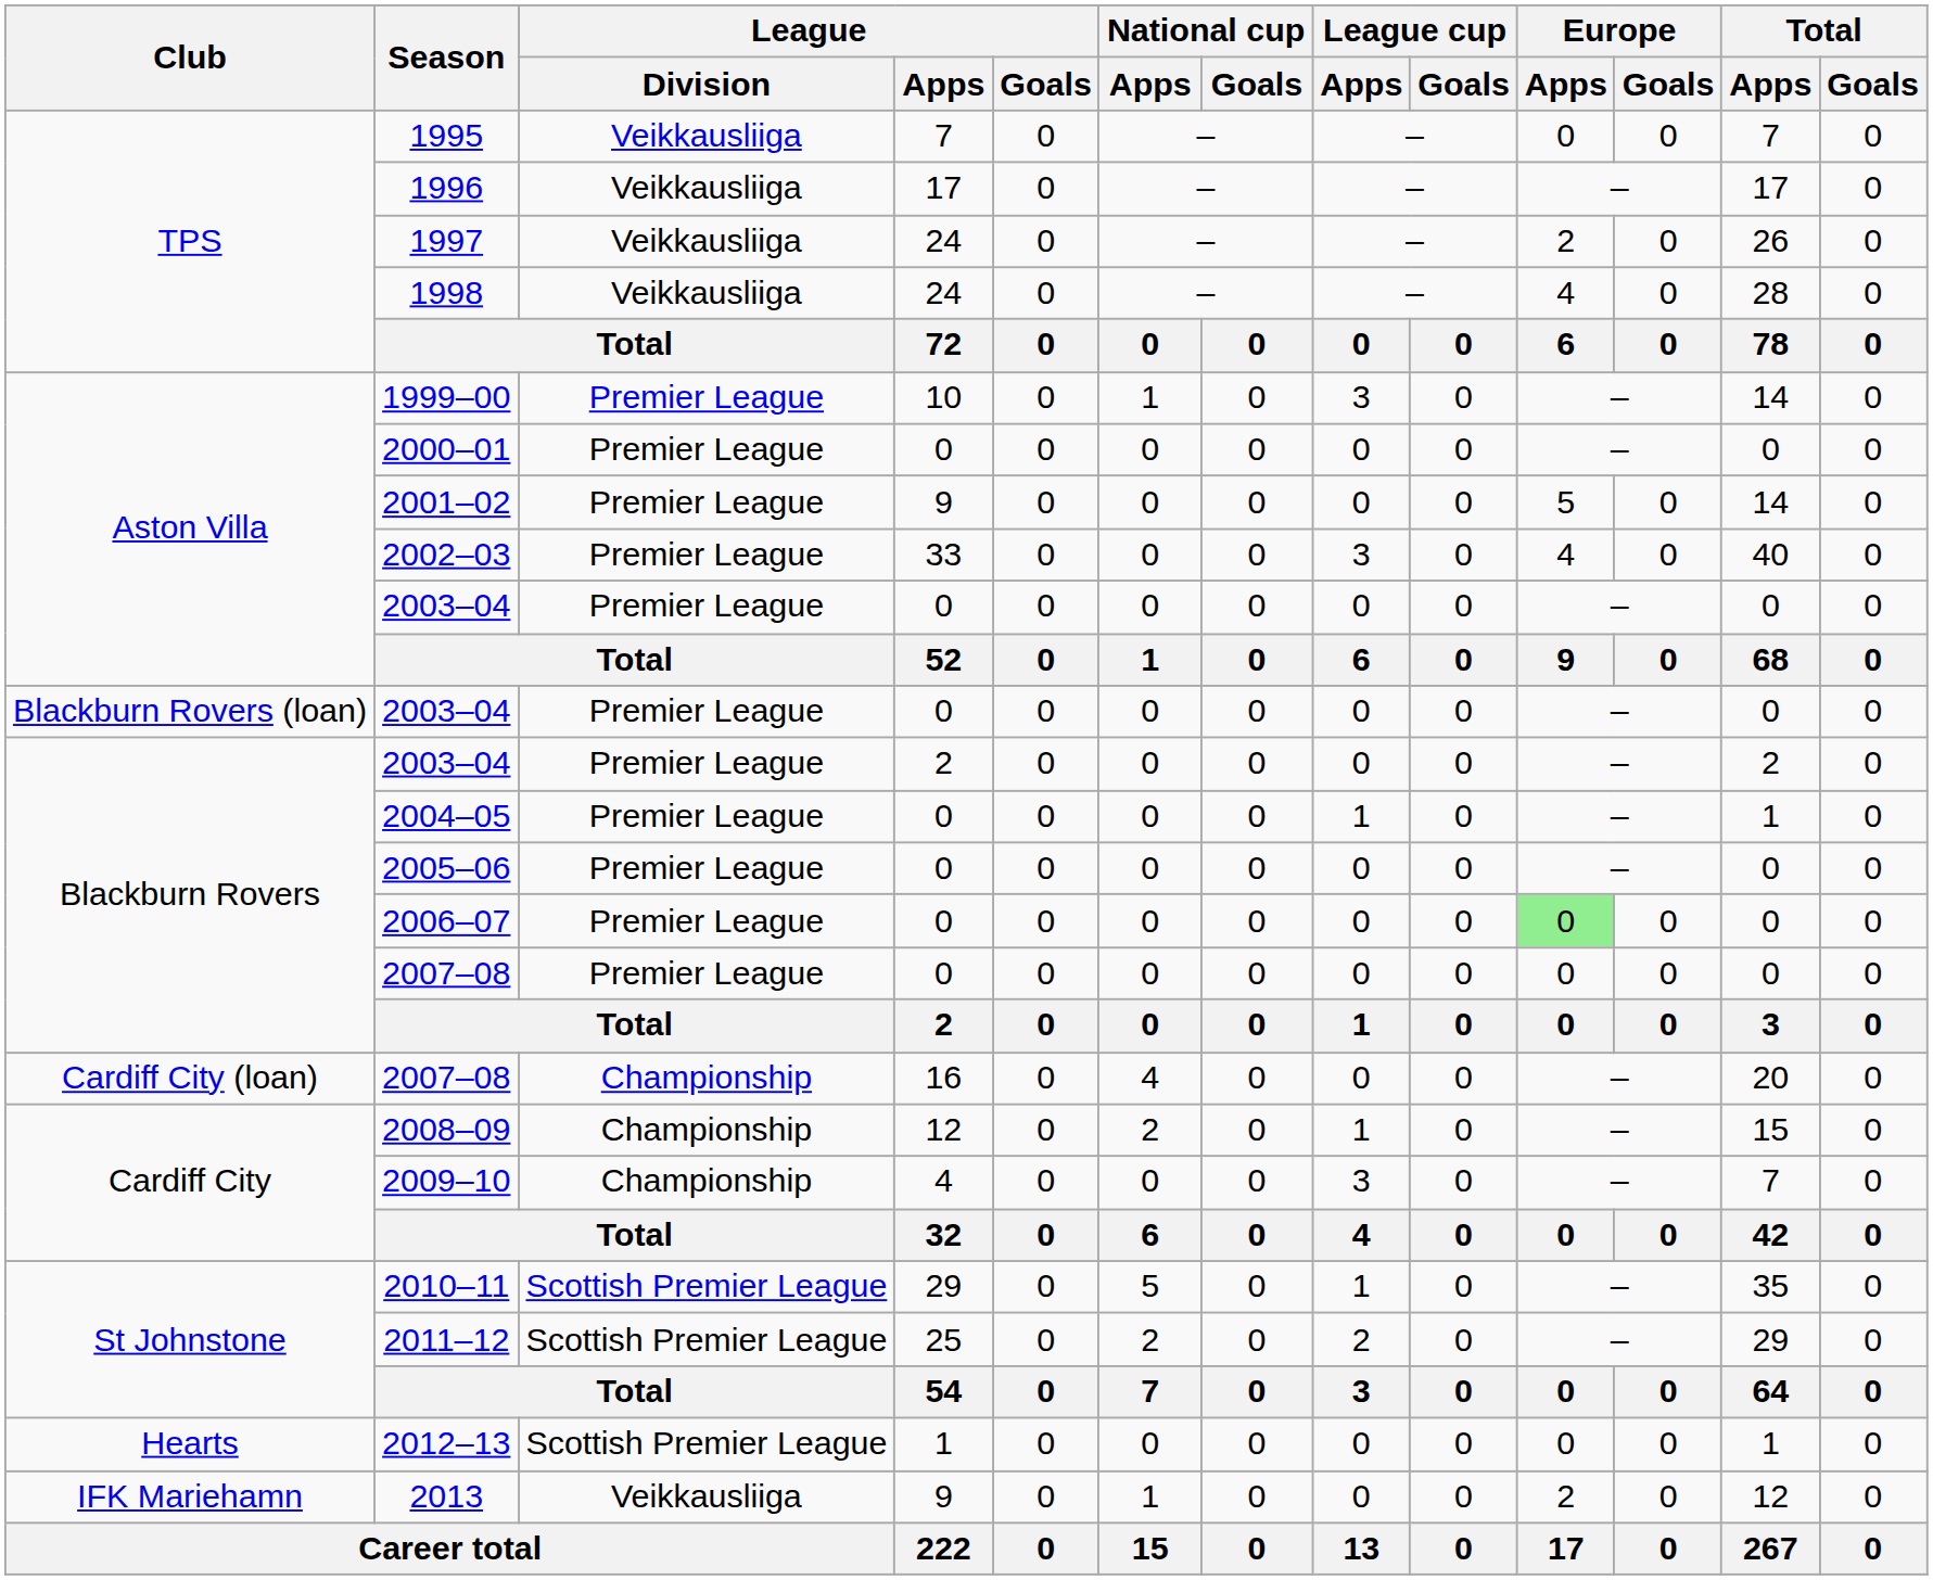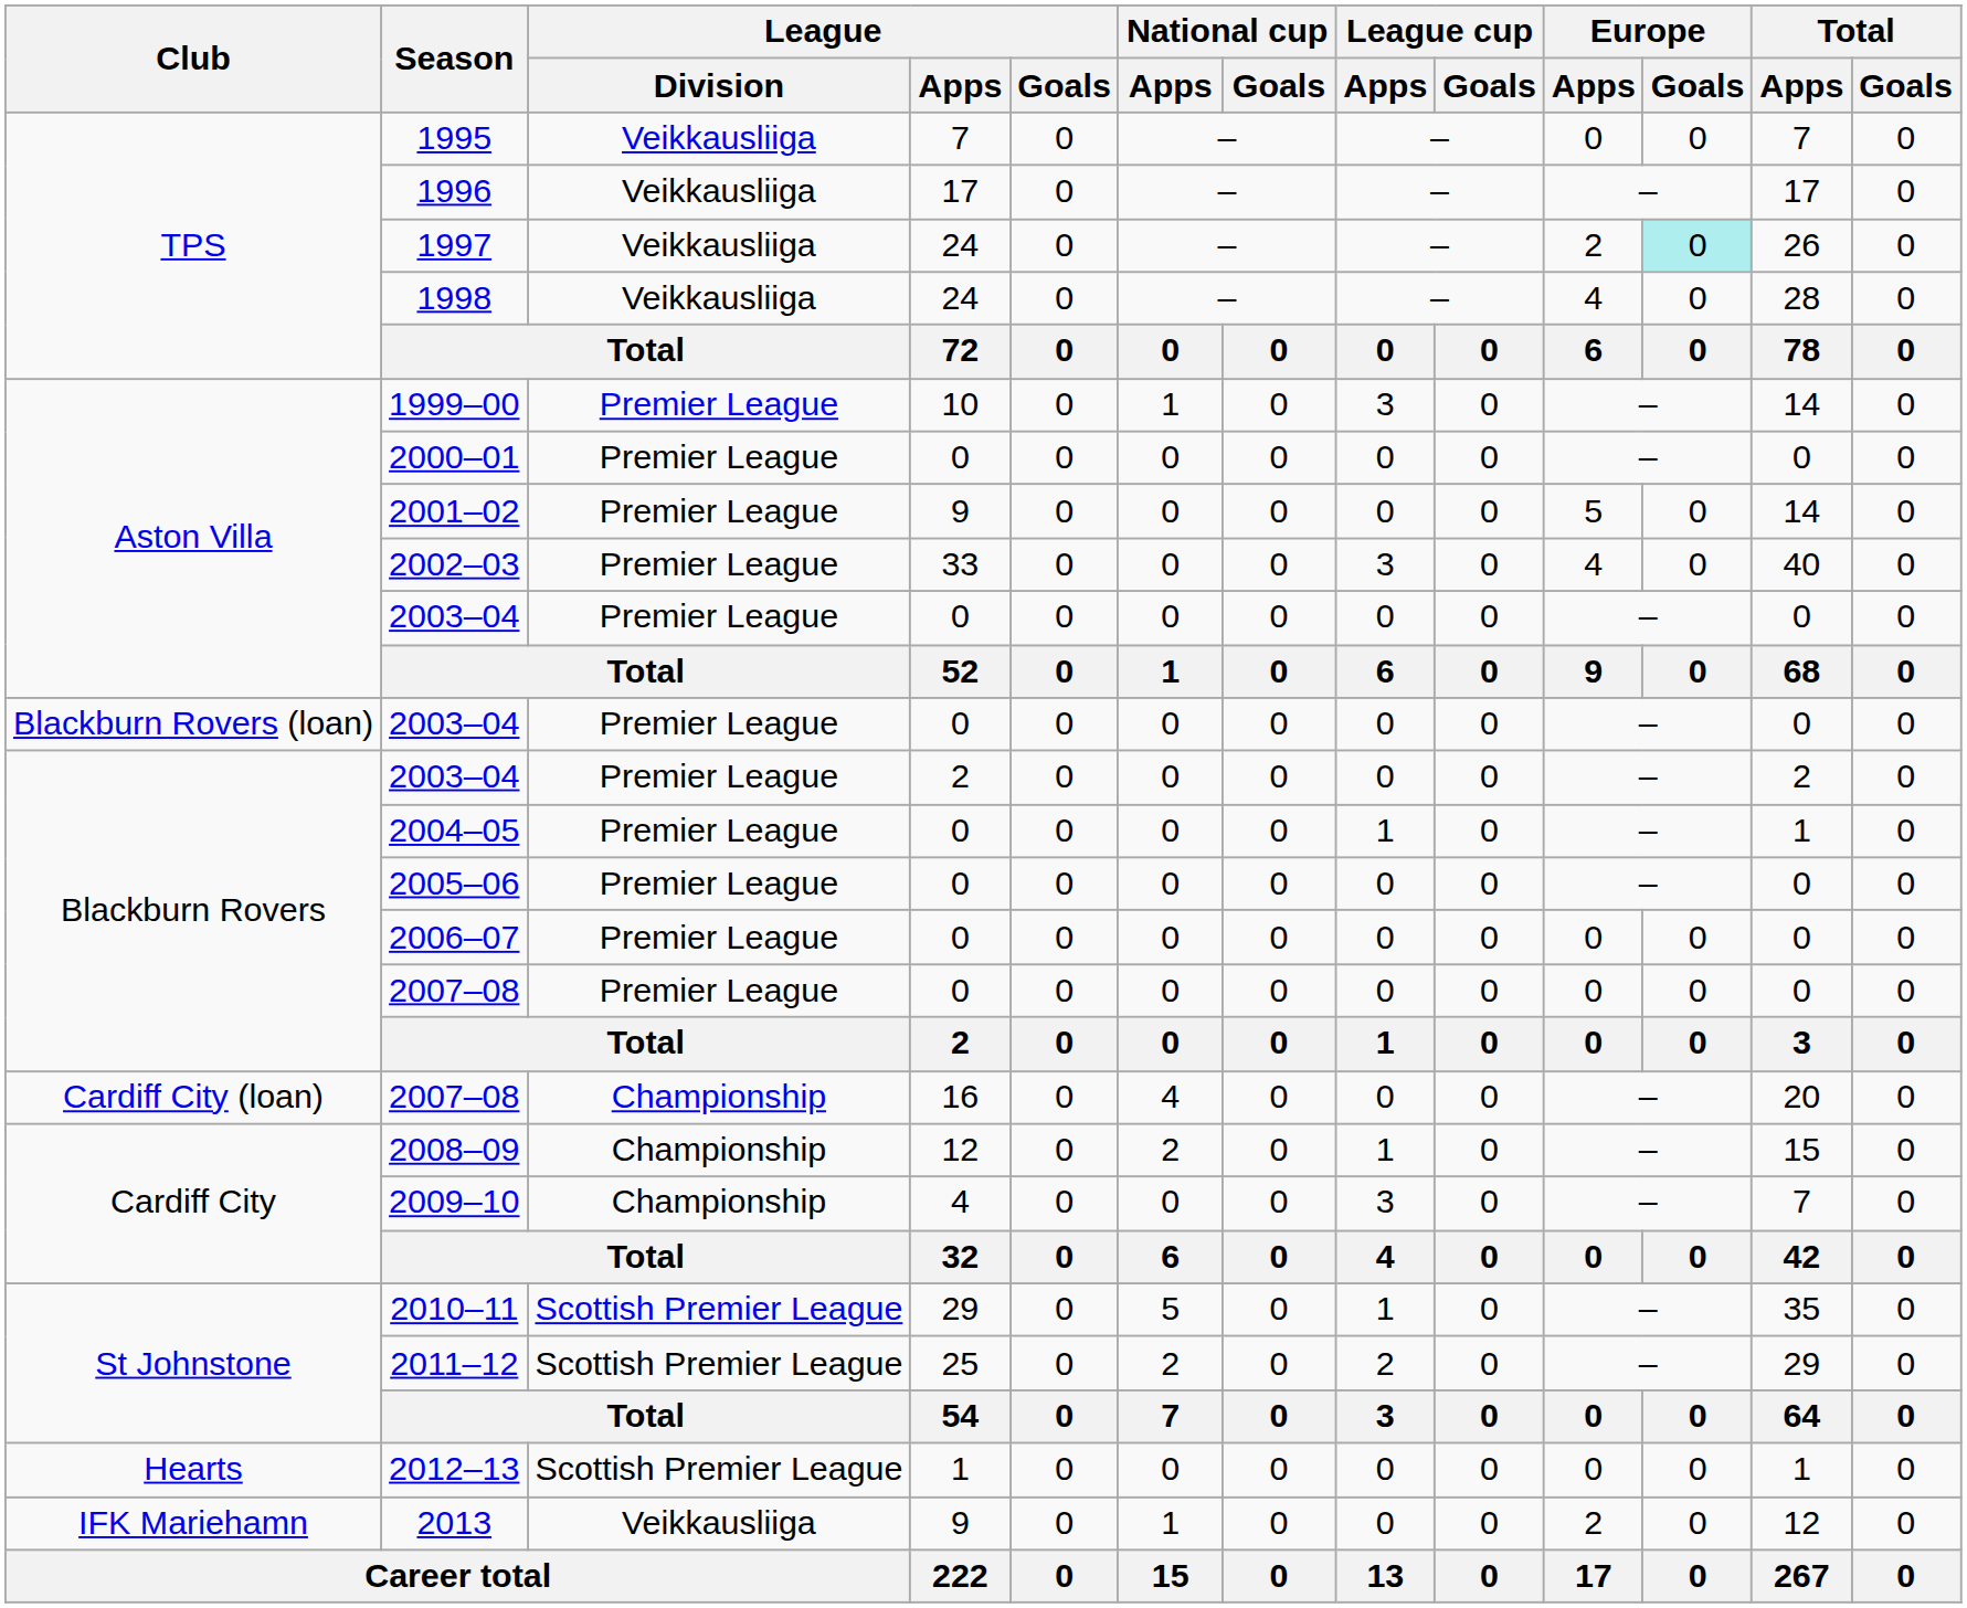 <table class="wikitable" style="text-align:center">
 <tr>
 <th rowspan="2">Club</th>
 <th rowspan="2">Season</th>
 <th colspan="3">League</th>
 <th colspan="2">National cup</th>
 <th colspan="2">League cup</th>
 <th colspan="2">Europe</th>
 <th colspan="2">Total</th>
 </tr>
 <tr>
 <th>Division</th>
 <th>Apps</th>
 <th>Goals</th>
 <th>Apps</th>
 <th>Goals</th>
 <th>Apps</th>
 <th>Goals</th>
 <th>Apps</th>
 <th>Goals</th>
 <th>Apps</th>
 <th>Goals</th>
 </tr>
 <tr>
 <td rowspan="5"><a href='#'>TPS</a></td>
 <td><a href='#'>1995</a></td>
 <td><a href='#'>Veikkausliiga</a></td>
 <td>7</td>
 <td>0</td>
 <td colspan="2">–</td>
 <td colspan="2">–</td>
 <td>0</td>
 <td>0</td>
 <td>7</td>
 <td>0</td>
 </tr>
 <tr>
 <td><a href='#'>1996</a></td>
 <td>Veikkausliiga</td>
 <td>17</td>
 <td>0</td>
 <td colspan="2">–</td>
 <td colspan="2">–</td>
 <td colspan="2">–</td>
 <td>17</td>
 <td>0</td>
 </tr>
 <tr>
 <td><a href='#'>1997</a></td>
 <td>Veikkausliiga</td>
 <td>24</td>
 <td>0</td>
 <td colspan="2">–</td>
 <td colspan="2">–</td>
 <td>2</td>
-<td>0</td>
+<td style="background: paleturquoise;">0</td>
 <td>26</td>
 <td>0</td>
 </tr>
 <tr>
 <td><a href='#'>1998</a></td>
 <td>Veikkausliiga</td>
 <td>24</td>
 <td>0</td>
 <td colspan="2">–</td>
 <td colspan="2">–</td>
 <td>4</td>
 <td>0</td>
 <td>28</td>
 <td>0</td>
 </tr>
 <tr>
 <th colspan="2">Total</th>
 <th>72</th>
 <th>0</th>
 <th>0</th>
 <th>0</th>
 <th>0</th>
 <th>0</th>
 <th>6</th>
 <th>0</th>
 <th>78</th>
 <th>0</th>
 </tr>
 <tr>
 <td rowspan="6"><a href='#'>Aston Villa</a></td>
 <td><a href='#'>1999–00</a></td>
 <td><a href='#'>Premier League</a></td>
 <td>10</td>
 <td>0</td>
 <td>1</td>
 <td>0</td>
 <td>3</td>
 <td>0</td>
 <td colspan="2">–</td>
 <td>14</td>
 <td>0</td>
 </tr>
 <tr>
 <td><a href='#'>2000–01</a></td>
 <td>Premier League</td>
 <td>0</td>
 <td>0</td>
 <td>0</td>
 <td>0</td>
 <td>0</td>
 <td>0</td>
 <td colspan="2">–</td>
 <td>0</td>
 <td>0</td>
 </tr>
 <tr>
 <td><a href='#'>2001–02</a></td>
 <td>Premier League</td>
 <td>9</td>
 <td>0</td>
 <td>0</td>
 <td>0</td>
 <td>0</td>
 <td>0</td>
 <td>5</td>
 <td>0</td>
 <td>14</td>
 <td>0</td>
 </tr>
 <tr>
 <td><a href='#'>2002–03</a></td>
 <td>Premier League</td>
 <td>33</td>
 <td>0</td>
 <td>0</td>
 <td>0</td>
 <td>3</td>
 <td>0</td>
 <td>4</td>
 <td>0</td>
 <td>40</td>
 <td>0</td>
 </tr>
 <tr>
 <td><a href='#'>2003–04</a></td>
 <td>Premier League</td>
 <td>0</td>
 <td>0</td>
 <td>0</td>
 <td>0</td>
 <td>0</td>
 <td>0</td>
 <td colspan="2">–</td>
 <td>0</td>
 <td>0</td>
 </tr>
 <tr>
 <th colspan="2">Total</th>
 <th>52</th>
 <th>0</th>
 <th>1</th>
 <th>0</th>
 <th>6</th>
 <th>0</th>
 <th>9</th>
 <th>0</th>
 <th>68</th>
 <th>0</th>
 </tr>
 <tr>
 <td><a href='#'>Blackburn Rovers</a> (loan)</td>
 <td><a href='#'>2003–04</a></td>
 <td>Premier League</td>
 <td>0</td>
 <td>0</td>
 <td>0</td>
 <td>0</td>
 <td>0</td>
 <td>0</td>
 <td colspan="2">–</td>
 <td>0</td>
 <td>0</td>
 </tr>
 <tr>
 <td rowspan="6">Blackburn Rovers</td>
 <td><a href='#'>2003–04</a></td>
 <td>Premier League</td>
 <td>2</td>
 <td>0</td>
 <td>0</td>
 <td>0</td>
 <td>0</td>
 <td>0</td>
 <td colspan="2">–</td>
 <td>2</td>
 <td>0</td>
 </tr>
 <tr>
 <td><a href='#'>2004–05</a></td>
 <td>Premier League</td>
 <td>0</td>
 <td>0</td>
 <td>0</td>
 <td>0</td>
 <td>1</td>
 <td>0</td>
 <td colspan="2">–</td>
 <td>1</td>
 <td>0</td>
 </tr>
 <tr>
 <td><a href='#'>2005–06</a></td>
 <td>Premier League</td>
 <td>0</td>
 <td>0</td>
 <td>0</td>
 <td>0</td>
 <td>0</td>
 <td>0</td>
 <td colspan="2">–</td>
 <td>0</td>
 <td>0</td>
 </tr>
 <tr>
 <td><a href='#'>2006–07</a></td>
 <td>Premier League</td>
 <td>0</td>
 <td>0</td>
 <td>0</td>
 <td>0</td>
 <td>0</td>
 <td>0</td>
-<td style="background: lightgreen;">0</td>
+<td>0</td>
 <td>0</td>
 <td>0</td>
 <td>0</td>
 </tr>
 <tr>
 <td><a href='#'>2007–08</a></td>
 <td>Premier League</td>
 <td>0</td>
 <td>0</td>
 <td>0</td>
 <td>0</td>
 <td>0</td>
 <td>0</td>
 <td>0</td>
 <td>0</td>
 <td>0</td>
 <td>0</td>
 </tr>
 <tr>
 <th colspan="2">Total</th>
 <th>2</th>
 <th>0</th>
 <th>0</th>
 <th>0</th>
 <th>1</th>
 <th>0</th>
 <th>0</th>
 <th>0</th>
 <th>3</th>
 <th>0</th>
 </tr>
 <tr>
 <td><a href='#'>Cardiff City</a> (loan)</td>
 <td><a href='#'>2007–08</a></td>
 <td><a href='#'>Championship</a></td>
 <td>16</td>
 <td>0</td>
 <td>4</td>
 <td>0</td>
 <td>0</td>
 <td>0</td>
 <td colspan="2">–</td>
 <td>20</td>
 <td>0</td>
 </tr>
 <tr>
 <td rowspan="3">Cardiff City</td>
 <td><a href='#'>2008–09</a></td>
 <td>Championship</td>
 <td>12</td>
 <td>0</td>
 <td>2</td>
 <td>0</td>
 <td>1</td>
 <td>0</td>
 <td colspan="2">–</td>
 <td>15</td>
 <td>0</td>
 </tr>
 <tr>
 <td><a href='#'>2009–10</a></td>
 <td>Championship</td>
 <td>4</td>
 <td>0</td>
 <td>0</td>
 <td>0</td>
 <td>3</td>
 <td>0</td>
 <td colspan="2">–</td>
 <td>7</td>
 <td>0</td>
 </tr>
 <tr>
 <th colspan="2">Total</th>
 <th>32</th>
 <th>0</th>
 <th>6</th>
 <th>0</th>
 <th>4</th>
 <th>0</th>
 <th>0</th>
 <th>0</th>
 <th>42</th>
 <th>0</th>
 </tr>
 <tr>
 <td rowspan="3"><a href='#'>St Johnstone</a></td>
 <td><a href='#'>2010–11</a></td>
 <td><a href='#'>Scottish Premier League</a></td>
 <td>29</td>
 <td>0</td>
 <td>5</td>
 <td>0</td>
 <td>1</td>
 <td>0</td>
 <td colspan="2">–</td>
 <td>35</td>
 <td>0</td>
 </tr>
 <tr>
 <td><a href='#'>2011–12</a></td>
 <td>Scottish Premier League</td>
 <td>25</td>
 <td>0</td>
 <td>2</td>
 <td>0</td>
 <td>2</td>
 <td>0</td>
 <td colspan="2">–</td>
 <td>29</td>
 <td>0</td>
 </tr>
 <tr>
 <th colspan="2">Total</th>
 <th>54</th>
 <th>0</th>
 <th>7</th>
 <th>0</th>
 <th>3</th>
 <th>0</th>
 <th>0</th>
 <th>0</th>
 <th>64</th>
 <th>0</th>
 </tr>
 <tr>
 <td><a href='#'>Hearts</a></td>
 <td><a href='#'>2012–13</a></td>
 <td>Scottish Premier League</td>
 <td>1</td>
 <td>0</td>
 <td>0</td>
 <td>0</td>
 <td>0</td>
 <td>0</td>
 <td>0</td>
 <td>0</td>
 <td>1</td>
 <td>0</td>
 </tr>
 <tr>
 <td><a href='#'>IFK Mariehamn</a></td>
 <td><a href='#'>2013</a></td>
 <td>Veikkausliiga</td>
 <td>9</td>
 <td>0</td>
 <td>1</td>
 <td>0</td>
 <td>0</td>
 <td>0</td>
 <td>2</td>
 <td>0</td>
 <td>12</td>
 <td>0</td>
 </tr>
 <tr>
 <th colspan="3">Career total</th>
 <th>222</th>
 <th>0</th>
 <th>15</th>
 <th>0</th>
 <th>13</th>
 <th>0</th>
 <th>17</th>
 <th>0</th>
 <th>267</th>
 <th>0</th>
 </tr>
 </table>
